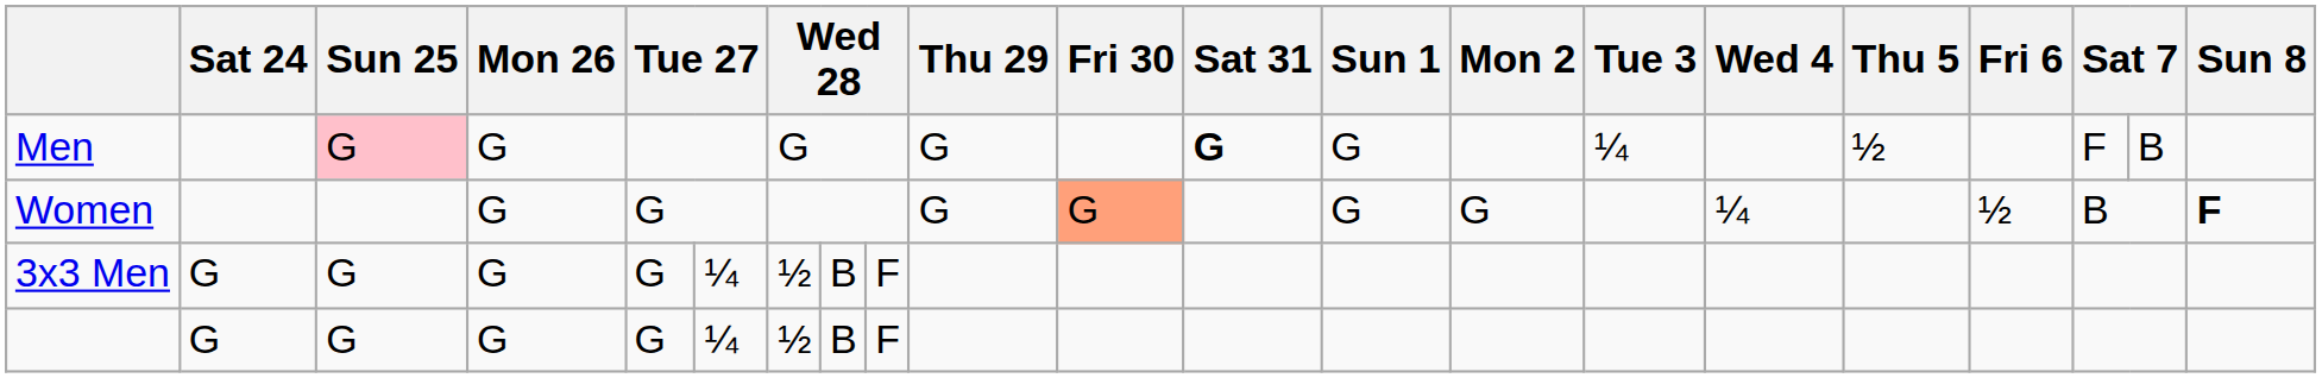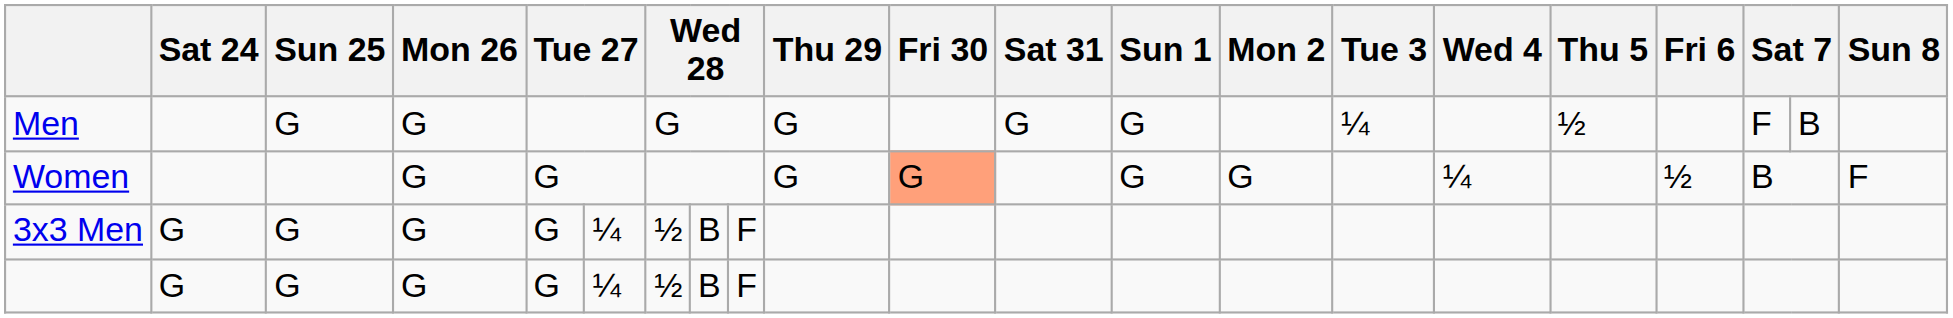 <table class="wikitable olympic-schedule basketball">
 <tr>
 <th></th>
 <th>Sat 24</th>
 <th>Sun 25</th>
 <th>Mon 26</th>
 <th colspan="2">Tue 27</th>
 <th colspan="3">Wed<br>28</th>
 <th>Thu 29</th>
 <th>Fri 30</th>
 <th>Sat 31</th>
 <th>Sun 1</th>
 <th>Mon 2</th>
 <th>Tue 3</th>
 <th>Wed 4</th>
 <th>Thu 5</th>
 <th>Fri 6</th>
 <th colspan="2">Sat 7</th>
 <th>Sun 8</th>
 </tr>
 <tr>
 <td class="event"><a href='#'>Men</a></td>
 <td></td>
-<td class="team-group" style="background: pink;">G</td>
+<td class="team-group">G</td>
 <td class="team-group">G</td>
 <td colspan="2"></td>
 <td colspan="3" class="team-group">G</td>
 <td class="team-group">G</td>
 <td></td>
-<td class="team-group"><strong>G</strong></td>
+<td class="team-group">G</td>
 <td class="team-group">G</td>
 <td></td>
 <td class="team-qf">¼</td>
 <td></td>
 <td class="team-sf">½</td>
 <td></td>
 <td class="team-final">F</td>
 <td class="team-bronze">B</td>
 <td></td>
 </tr>
 <tr>
 <td class="event"><a href='#'>Women</a></td>
 <td></td>
 <td></td>
 <td class="team-group">G</td>
 <td colspan="2" class="team-group">G</td>
 <td colspan="3"></td>
 <td class="team-group">G</td>
 <td class="team-group" style="background: lightsalmon;">G</td>
 <td></td>
 <td class="team-group">G</td>
 <td class="team-group">G</td>
 <td></td>
 <td class="team-qf">¼</td>
 <td></td>
 <td class="team-sf">½</td>
 <td colspan="2" class="team-bronze">B</td>
-<td class="team-final"><strong>F</strong></td>
+<td class="team-final">F</td>
 </tr>
 <tr>
 <td class="event"><a href='#'>3x3 Men</a></td>
 <td class="team-group">G</td>
 <td class="team-group">G</td>
 <td class="team-group">G</td>
 <td class="team-group">G</td>
 <td class="team-qf">¼</td>
 <td class="team-sf">½</td>
 <td class="team-bronze">B</td>
 <td class="team-final">F</td>
 <td></td>
 <td></td>
 <td></td>
 <td></td>
 <td></td>
 <td></td>
 <td></td>
 <td></td>
 <td></td>
 <td colspan="2"></td>
 <td></td>
 </tr>
 <tr>
 <td class="event"></td>
 <td class="team-group">G</td>
 <td class="team-group">G</td>
 <td class="team-group">G</td>
 <td class="team-group">G</td>
 <td class="team-qf">¼</td>
 <td class="team-sf">½</td>
 <td class="team-bronze">B</td>
 <td class="team-final">F</td>
 <td></td>
 <td></td>
 <td></td>
 <td></td>
 <td></td>
 <td></td>
 <td></td>
 <td></td>
 <td></td>
 <td colspan="2"></td>
 <td></td>
 </tr>
 </table>
